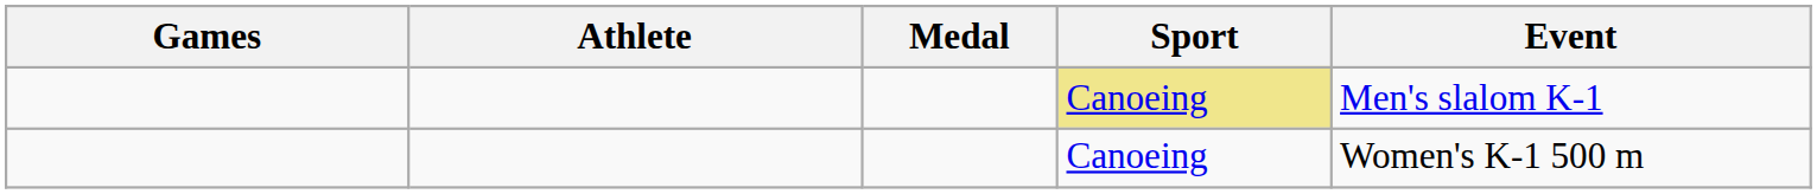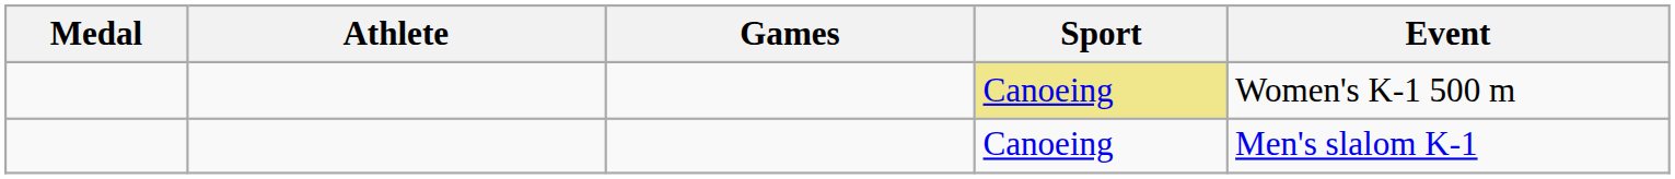 <table class="wikitable sortable" style="font-size:90%">
 <tr>
+<th width="70">Medal</th>
+<th width="170">Athlete</th>
 <th width="150">Games</th>
-<th width="170">Athlete</th>
-<th width="70">Medal</th>
 <th width="100">Sport</th>
 <th width="180">Event</th>
 </tr>
 <tr>
 <td></td>
 <td> </td>
 <td></td>
 <td style="background: khaki;"> <a href='#'>Canoeing</a></td>
-<td><a href='#'>Men's slalom K-1</a></td>
+<td>Women's K-1 500 m</td>
 </tr>
 <tr>
 <td></td>
 <td> </td>
 <td></td>
 <td> <a href='#'>Canoeing</a></td>
-<td>Women's K-1 500 m</td>
+<td><a href='#'>Men's slalom K-1</a></td>
 </tr>
 </table>
